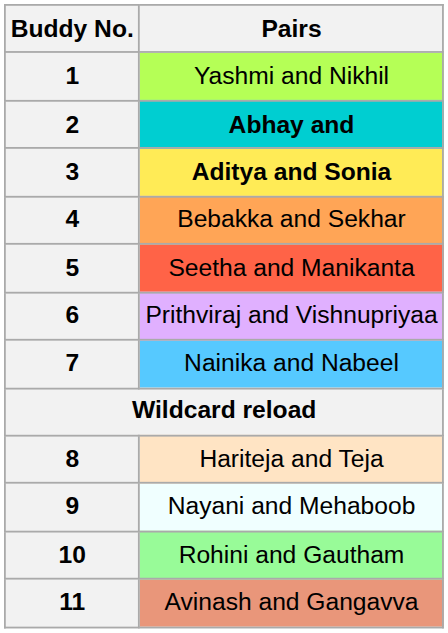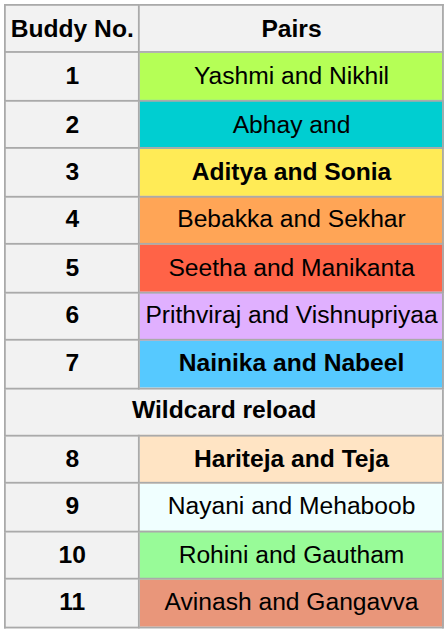 <table class="wikitable" style="text-align:center; font-size:85%; font-family: sans-serif; line-height:20px;">
 <tr>
 <th>Buddy No.</th>
 <th>Pairs</th>
 </tr>
 <tr>
 <th>1</th>
 <td style="background:#B5FF56;">Yashmi and Nikhil</td>
 </tr>
 <tr>
 <th>2</th>
-<td style="background:#00CED1;"><strong>Abhay and </strong></td>
+<td style="background:#00CED1;">Abhay and </td>
 </tr>
 <tr>
 <th>3</th>
 <td style="background:#FFEB56;"><strong>Aditya and Sonia</strong></td>
 </tr>
 <tr>
 <th>4</th>
 <td style="background:#FFA556;">Bebakka and Sekhar</td>
 </tr>
 <tr>
 <th>5</th>
 <td bgcolor="tomato">Seetha and Manikanta</td>
 </tr>
 <tr>
 <th>6</th>
 <td style="background:#E0B0FF;">Prithviraj and Vishnupriyaa</td>
 </tr>
 <tr>
 <th>7</th>
-<td style="background:#56C9FF;">Nainika and Nabeel</td>
+<td style="background:#56C9FF;"><strong>Nainika and Nabeel</strong></td>
 </tr>
 <tr>
 <th colspan="2"><strong>Wildcard reload</strong></th>
 </tr>
 <tr>
 <th>8</th>
-<td style="background:#FFE4C4	;">Hariteja and Teja</td>
+<td style="background:#FFE4C4	;"><strong>Hariteja and Teja</strong></td>
 </tr>
 <tr>
 <th>9</th>
 <td style="background:#F0FFFF;">Nayani and Mehaboob</td>
 </tr>
 <tr>
 <th>10</th>
 <td style="background:#98FB98	;">Rohini and Gautham</td>
 </tr>
 <tr>
 <th>11</th>
 <td style="background:#E9967A	;">Avinash and Gangavva</td>
 </tr>
 </table>
